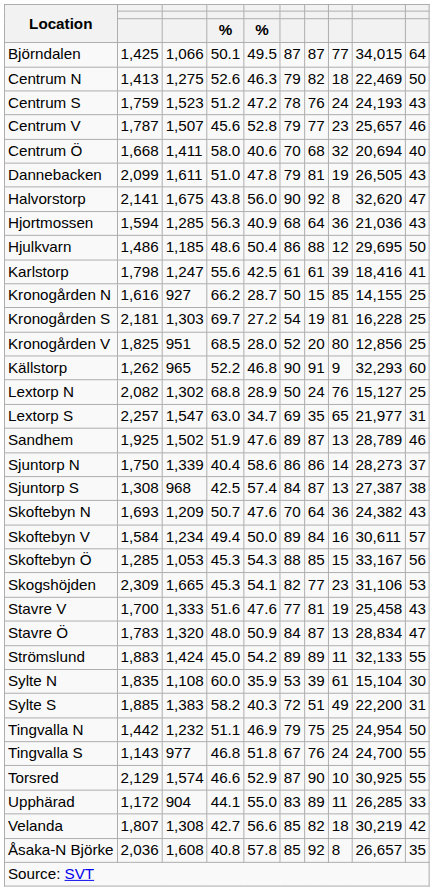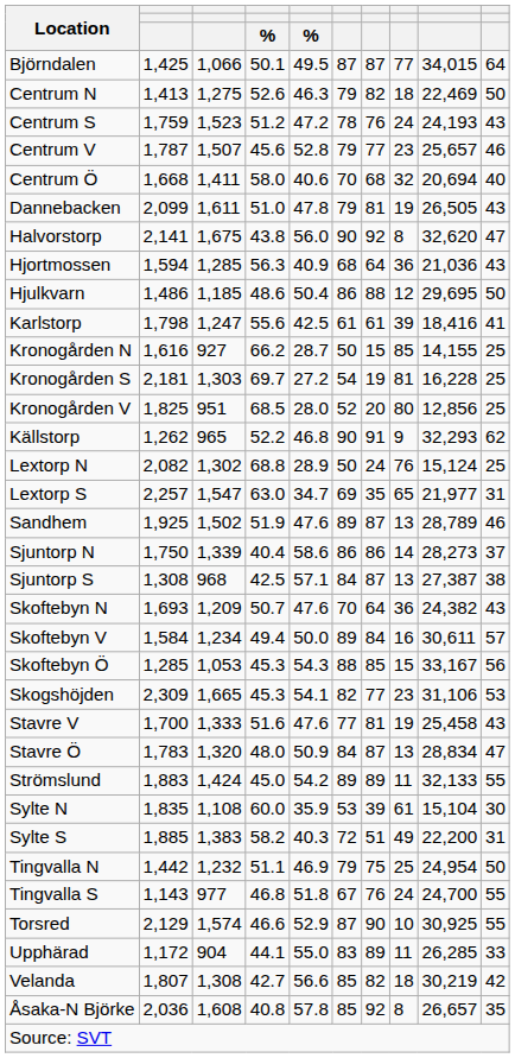 <table role="presentation" class="wikitable sortable mw-collapsible mw-collapsed">
 <tr>
 <th rowspan="3">Location</th>
 <th></th>
 <th></th>
 <th></th>
 <th></th>
 <th></th>
 <th></th>
 <th></th>
 <th></th>
 <th></th>
 </tr>
 <tr>
 <th></th>
 <th></th>
 <th style="background:"></th>
 <th style="background:"></th>
 <th></th>
 <th></th>
 <th></th>
 <th></th>
 <th></th>
 </tr>
 <tr>
 <th data-sort-type="number"></th>
 <th data-sort-type="number"></th>
 <th data-sort-type="number">%</th>
 <th data-sort-type="number">%</th>
 <th data-sort-type="number"></th>
 <th data-sort-type="number"></th>
 <th data-sort-type="number"></th>
 <th data-sort-type="number"></th>
 <th data-sort-type="number"></th>
 </tr>
 <tr>
 <td align="left">Björndalen</td>
 <td>1,425</td>
 <td>1,066</td>
 <td>50.1</td>
 <td>49.5</td>
 <td>87</td>
 <td>87</td>
 <td>77</td>
 <td>34,015</td>
 <td>64</td>
 </tr>
 <tr>
 <td align="left">Centrum N</td>
 <td>1,413</td>
 <td>1,275</td>
 <td>52.6</td>
 <td>46.3</td>
 <td>79</td>
 <td>82</td>
 <td>18</td>
 <td>22,469</td>
 <td>50</td>
 </tr>
 <tr>
 <td align="left">Centrum S</td>
 <td>1,759</td>
 <td>1,523</td>
 <td>51.2</td>
 <td>47.2</td>
 <td>78</td>
 <td>76</td>
 <td>24</td>
 <td>24,193</td>
 <td>43</td>
 </tr>
 <tr>
 <td align="left">Centrum V</td>
 <td>1,787</td>
 <td>1,507</td>
 <td>45.6</td>
 <td>52.8</td>
 <td>79</td>
 <td>77</td>
 <td>23</td>
 <td>25,657</td>
 <td>46</td>
 </tr>
 <tr>
 <td align="left">Centrum Ö</td>
 <td>1,668</td>
 <td>1,411</td>
 <td>58.0</td>
 <td>40.6</td>
 <td>70</td>
 <td>68</td>
 <td>32</td>
 <td>20,694</td>
 <td>40</td>
 </tr>
 <tr>
 <td align="left">Dannebacken</td>
 <td>2,099</td>
 <td>1,611</td>
 <td>51.0</td>
 <td>47.8</td>
 <td>79</td>
 <td>81</td>
 <td>19</td>
 <td>26,505</td>
 <td>43</td>
 </tr>
 <tr>
 <td align="left">Halvorstorp</td>
 <td>2,141</td>
 <td>1,675</td>
 <td>43.8</td>
 <td>56.0</td>
 <td>90</td>
 <td>92</td>
 <td>8</td>
 <td>32,620</td>
 <td>47</td>
 </tr>
 <tr>
 <td align="left">Hjortmossen</td>
 <td>1,594</td>
 <td>1,285</td>
 <td>56.3</td>
 <td>40.9</td>
 <td>68</td>
 <td>64</td>
 <td>36</td>
 <td>21,036</td>
 <td>43</td>
 </tr>
 <tr>
 <td align="left">Hjulkvarn</td>
 <td>1,486</td>
 <td>1,185</td>
 <td>48.6</td>
 <td>50.4</td>
 <td>86</td>
 <td>88</td>
 <td>12</td>
 <td>29,695</td>
 <td>50</td>
 </tr>
 <tr>
 <td align="left">Karlstorp</td>
 <td>1,798</td>
 <td>1,247</td>
 <td>55.6</td>
 <td>42.5</td>
 <td>61</td>
 <td>61</td>
 <td>39</td>
 <td>18,416</td>
 <td>41</td>
 </tr>
 <tr>
 <td align="left">Kronogården N</td>
 <td>1,616</td>
 <td>927</td>
 <td>66.2</td>
 <td>28.7</td>
 <td>50</td>
 <td>15</td>
 <td>85</td>
 <td>14,155</td>
 <td>25</td>
 </tr>
 <tr>
 <td align="left">Kronogården S</td>
 <td>2,181</td>
 <td>1,303</td>
 <td>69.7</td>
 <td>27.2</td>
 <td>54</td>
 <td>19</td>
 <td>81</td>
 <td>16,228</td>
 <td>25</td>
 </tr>
 <tr>
 <td align="left">Kronogården V</td>
 <td>1,825</td>
 <td>951</td>
 <td>68.5</td>
 <td>28.0</td>
 <td>52</td>
 <td>20</td>
 <td>80</td>
 <td>12,856</td>
 <td>25</td>
 </tr>
 <tr>
 <td align="left">Källstorp</td>
 <td>1,262</td>
 <td>965</td>
 <td>52.2</td>
 <td>46.8</td>
 <td>90</td>
 <td>91</td>
 <td>9</td>
 <td>32,293</td>
-<td>60</td>
+<td>62</td>
 </tr>
 <tr>
 <td align="left">Lextorp N</td>
 <td>2,082</td>
 <td>1,302</td>
 <td>68.8</td>
 <td>28.9</td>
 <td>50</td>
 <td>24</td>
 <td>76</td>
-<td>15,127</td>
+<td>15,124</td>
 <td>25</td>
 </tr>
 <tr>
 <td align="left">Lextorp S</td>
 <td>2,257</td>
 <td>1,547</td>
 <td>63.0</td>
 <td>34.7</td>
 <td>69</td>
 <td>35</td>
 <td>65</td>
 <td>21,977</td>
 <td>31</td>
 </tr>
 <tr>
 <td align="left">Sandhem</td>
 <td>1,925</td>
 <td>1,502</td>
 <td>51.9</td>
 <td>47.6</td>
 <td>89</td>
 <td>87</td>
 <td>13</td>
 <td>28,789</td>
 <td>46</td>
 </tr>
 <tr>
 <td align="left">Sjuntorp N</td>
 <td>1,750</td>
 <td>1,339</td>
 <td>40.4</td>
 <td>58.6</td>
 <td>86</td>
 <td>86</td>
 <td>14</td>
 <td>28,273</td>
 <td>37</td>
 </tr>
 <tr>
 <td align="left">Sjuntorp S</td>
 <td>1,308</td>
 <td>968</td>
 <td>42.5</td>
-<td>57.4</td>
+<td>57.1</td>
 <td>84</td>
 <td>87</td>
 <td>13</td>
 <td>27,387</td>
 <td>38</td>
 </tr>
 <tr>
 <td align="left">Skoftebyn N</td>
 <td>1,693</td>
 <td>1,209</td>
 <td>50.7</td>
 <td>47.6</td>
 <td>70</td>
 <td>64</td>
 <td>36</td>
 <td>24,382</td>
 <td>43</td>
 </tr>
 <tr>
 <td align="left">Skoftebyn V</td>
 <td>1,584</td>
 <td>1,234</td>
 <td>49.4</td>
 <td>50.0</td>
 <td>89</td>
 <td>84</td>
 <td>16</td>
 <td>30,611</td>
 <td>57</td>
 </tr>
 <tr>
 <td align="left">Skoftebyn Ö</td>
 <td>1,285</td>
 <td>1,053</td>
 <td>45.3</td>
 <td>54.3</td>
 <td>88</td>
 <td>85</td>
 <td>15</td>
 <td>33,167</td>
 <td>56</td>
 </tr>
 <tr>
 <td align="left">Skogshöjden</td>
 <td>2,309</td>
 <td>1,665</td>
 <td>45.3</td>
 <td>54.1</td>
 <td>82</td>
 <td>77</td>
 <td>23</td>
 <td>31,106</td>
 <td>53</td>
 </tr>
 <tr>
 <td align="left">Stavre V</td>
 <td>1,700</td>
 <td>1,333</td>
 <td>51.6</td>
 <td>47.6</td>
 <td>77</td>
 <td>81</td>
 <td>19</td>
 <td>25,458</td>
 <td>43</td>
 </tr>
 <tr>
 <td align="left">Stavre Ö</td>
 <td>1,783</td>
 <td>1,320</td>
 <td>48.0</td>
 <td>50.9</td>
 <td>84</td>
 <td>87</td>
 <td>13</td>
 <td>28,834</td>
 <td>47</td>
 </tr>
 <tr>
 <td align="left">Strömslund</td>
 <td>1,883</td>
 <td>1,424</td>
 <td>45.0</td>
 <td>54.2</td>
 <td>89</td>
 <td>89</td>
 <td>11</td>
 <td>32,133</td>
 <td>55</td>
 </tr>
 <tr>
 <td align="left">Sylte N</td>
 <td>1,835</td>
 <td>1,108</td>
 <td>60.0</td>
 <td>35.9</td>
 <td>53</td>
 <td>39</td>
 <td>61</td>
 <td>15,104</td>
 <td>30</td>
 </tr>
 <tr>
 <td align="left">Sylte S</td>
 <td>1,885</td>
 <td>1,383</td>
 <td>58.2</td>
 <td>40.3</td>
 <td>72</td>
 <td>51</td>
 <td>49</td>
 <td>22,200</td>
 <td>31</td>
 </tr>
 <tr>
 <td align="left">Tingvalla N</td>
 <td>1,442</td>
 <td>1,232</td>
 <td>51.1</td>
 <td>46.9</td>
 <td>79</td>
 <td>75</td>
 <td>25</td>
 <td>24,954</td>
 <td>50</td>
 </tr>
 <tr>
 <td align="left">Tingvalla S</td>
 <td>1,143</td>
 <td>977</td>
 <td>46.8</td>
 <td>51.8</td>
 <td>67</td>
 <td>76</td>
 <td>24</td>
 <td>24,700</td>
 <td>55</td>
 </tr>
 <tr>
 <td align="left">Torsred</td>
 <td>2,129</td>
 <td>1,574</td>
 <td>46.6</td>
 <td>52.9</td>
 <td>87</td>
 <td>90</td>
 <td>10</td>
 <td>30,925</td>
 <td>55</td>
 </tr>
 <tr>
 <td align="left">Upphärad</td>
 <td>1,172</td>
 <td>904</td>
 <td>44.1</td>
 <td>55.0</td>
 <td>83</td>
 <td>89</td>
 <td>11</td>
 <td>26,285</td>
 <td>33</td>
 </tr>
 <tr>
 <td align="left">Velanda</td>
 <td>1,807</td>
 <td>1,308</td>
 <td>42.7</td>
 <td>56.6</td>
 <td>85</td>
 <td>82</td>
 <td>18</td>
 <td>30,219</td>
 <td>42</td>
 </tr>
 <tr>
 <td align="left">Åsaka-N Björke</td>
 <td>2,036</td>
 <td>1,608</td>
 <td>40.8</td>
 <td>57.8</td>
 <td>85</td>
 <td>92</td>
 <td>8</td>
 <td>26,657</td>
 <td>35</td>
 </tr>
 <tr>
 <td colspan="10" align="left">Source: <a href='#'>SVT</a></td>
 </tr>
 </table>
